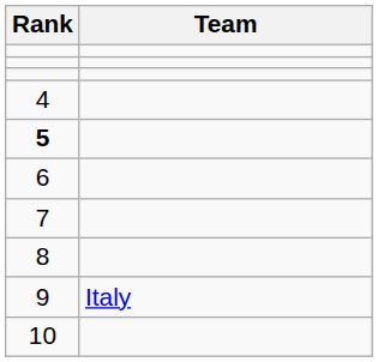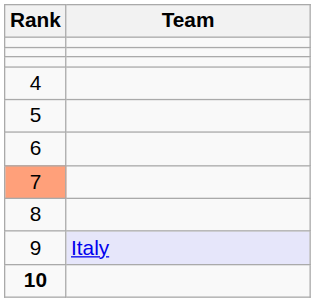 <table class="wikitable" style="text-align:center;">
 <tr>
 <th width=40>Rank</th>
 <th width=180>Team</th>
 </tr>
 <tr>
 <td></td>
 <td style="text-align:left;"></td>
 </tr>
 <tr>
 <td></td>
 <td style="text-align:left;"></td>
 </tr>
 <tr>
 <td></td>
 <td style="text-align:left;"></td>
 </tr>
 <tr>
 <td>4</td>
 <td style="text-align:left;"></td>
 </tr>
 <tr>
-<td><strong>5</strong></td>
+<td>5</td>
 <td style="text-align:left;"></td>
 </tr>
 <tr>
 <td>6</td>
 <td style="text-align:left;"></td>
 </tr>
 <tr>
-<td>7</td>
+<td style="background: lightsalmon;">7</td>
 <td style="text-align:left;"></td>
 </tr>
 <tr>
 <td>8</td>
 <td style="text-align:left;"></td>
 </tr>
 <tr>
 <td>9</td>
-<td style="text-align:left;"> <a href='#'>Italy</a></td>
+<td style="background: lavender; text-align:left;"> <a href='#'>Italy</a></td>
 </tr>
 <tr>
-<td>10</td>
+<td><strong>10</strong></td>
 <td style="text-align:left;"></td>
 </tr>
 </table>
